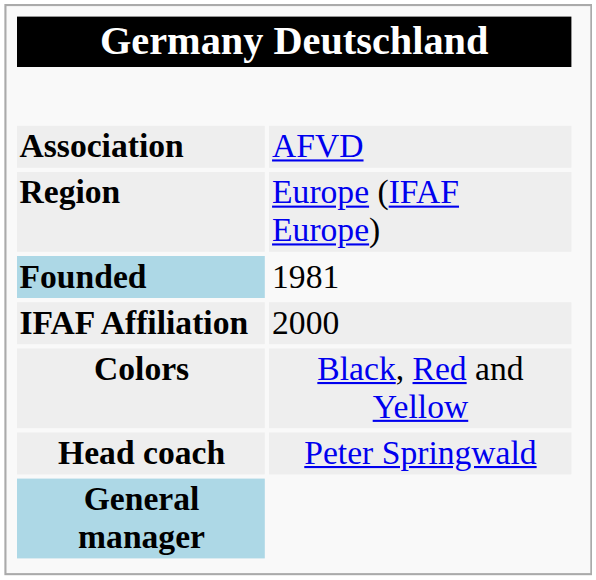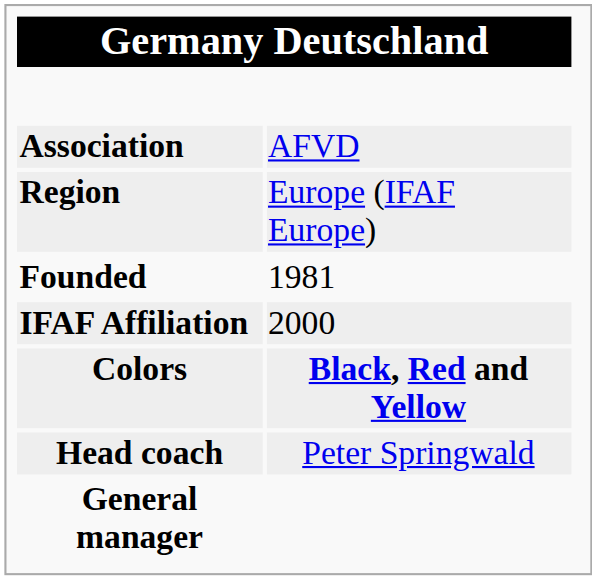 <table class="infobox" width=280>
 <tr bgcolor="#000000" style="color:white">
 <td colspan="2" style="text-align:center;"><big> <strong>Germany </strong> <strong>Deutschland</strong></big></td>
 </tr>
 <tr>
 <td colspan="2"></td>
 </tr>
 <tr>
 <td><br></td>
 <td></td>
 <td></td>
 </tr>
 <tr bgcolor="#eeeeee">
 <td><strong>Association</strong></td>
 <td><a href='#'>AFVD</a></td>
 </tr>
 <tr bgcolor="#eeeeee">
 <td><strong>Region</strong></td>
 <td><a href='#'>Europe</a> (<a href='#'>IFAF Europe</a>)</td>
 </tr>
 <tr>
-<td style="background: lightblue;"><strong>Founded</strong></td>
+<td><strong>Founded</strong></td>
 <td>1981</td>
 </tr>
 <tr bgcolor="#eeeeee">
 <td><strong>IFAF Affiliation</strong></td>
 <td>2000</td>
 </tr>
 <tr align="center" bgcolor="#eeeeee">
 <td><strong>Colors</strong></td>
-<td><a href='#'>Black</a>, <a href='#'>Red</a> and <a href='#'>Yellow</a></td>
+<td><strong><a href='#'>Black</a>, <a href='#'>Red</a> and <a href='#'>Yellow</a></strong></td>
 </tr>
 <tr align="center" bgcolor="#eeeeee">
 <td><strong>Head coach</strong></td>
 <td><a href='#'>Peter Springwald</a></td>
 </tr>
 <tr align="center">
-<td style="background: lightblue;"><strong>General manager</strong></td>
+<td><strong>General manager</strong></td>
 <td></td>
 </tr>
 <tr align="center" bgcolor="#eeeeee">
 </tr>
 </table>
